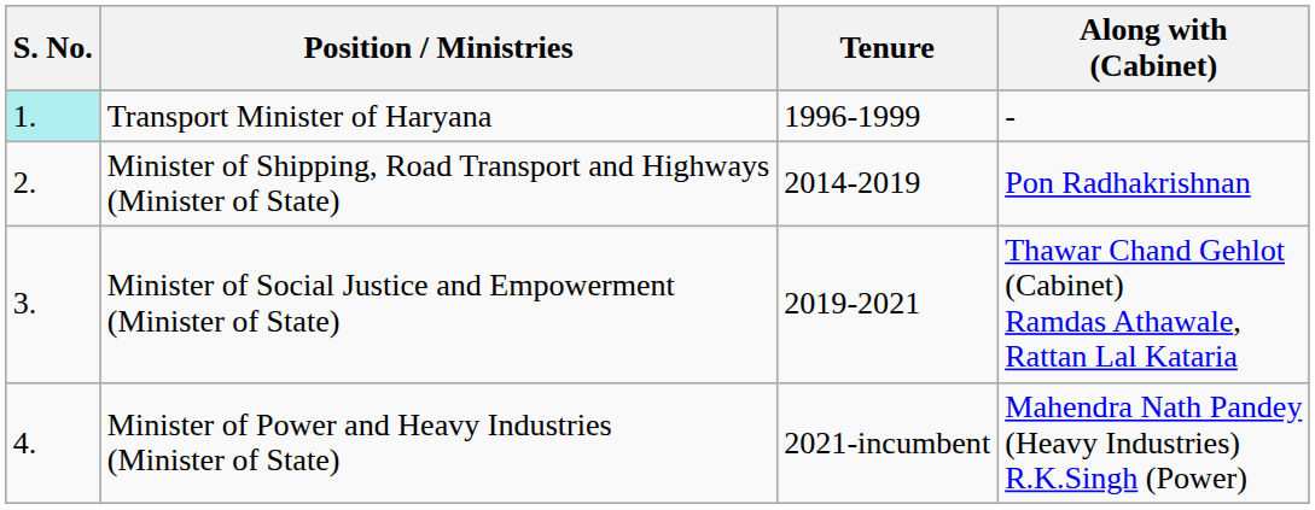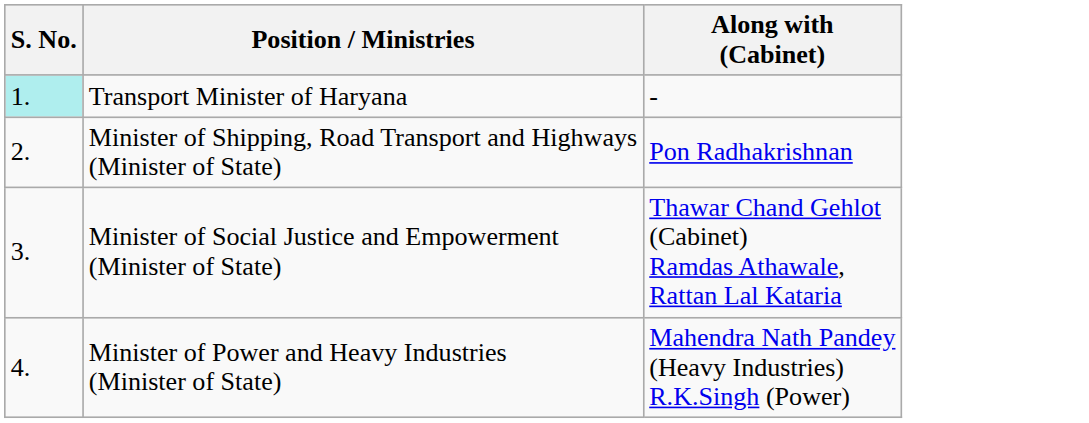 <table class="wikitable">
 <tr>
 <th>S. No.</th>
 <th>Position / Ministries</th>
-<th>Tenure</th>
 <th>Along with<br>(Cabinet)</th>
 </tr>
 <tr>
 <td style="background: paleturquoise;">1.</td>
 <td>Transport Minister of Haryana</td>
-<td>1996-1999</td>
 <td>-</td>
 </tr>
 <tr>
 <td>2.</td>
 <td>Minister of Shipping, Road Transport and Highways<br>(Minister of State)</td>
-<td>2014-2019</td>
 <td><a href='#'>Pon Radhakrishnan</a></td>
 </tr>
 <tr>
 <td>3.</td>
 <td>Minister of Social Justice and Empowerment<br>(Minister of State)</td>
-<td>2019-2021</td>
 <td><a href='#'>Thawar Chand Gehlot</a><br>(Cabinet)<br><a href='#'>Ramdas Athawale</a>,<br><a href='#'>Rattan Lal Kataria</a></td>
 </tr>
 <tr>
 <td>4.</td>
 <td>Minister of Power and Heavy Industries<br>(Minister of State)</td>
-<td>2021-incumbent</td>
 <td><a href='#'>Mahendra Nath Pandey</a><br>(Heavy Industries)<br><a href='#'>R.K.Singh</a> (Power)</td>
 </tr>
 </table>
